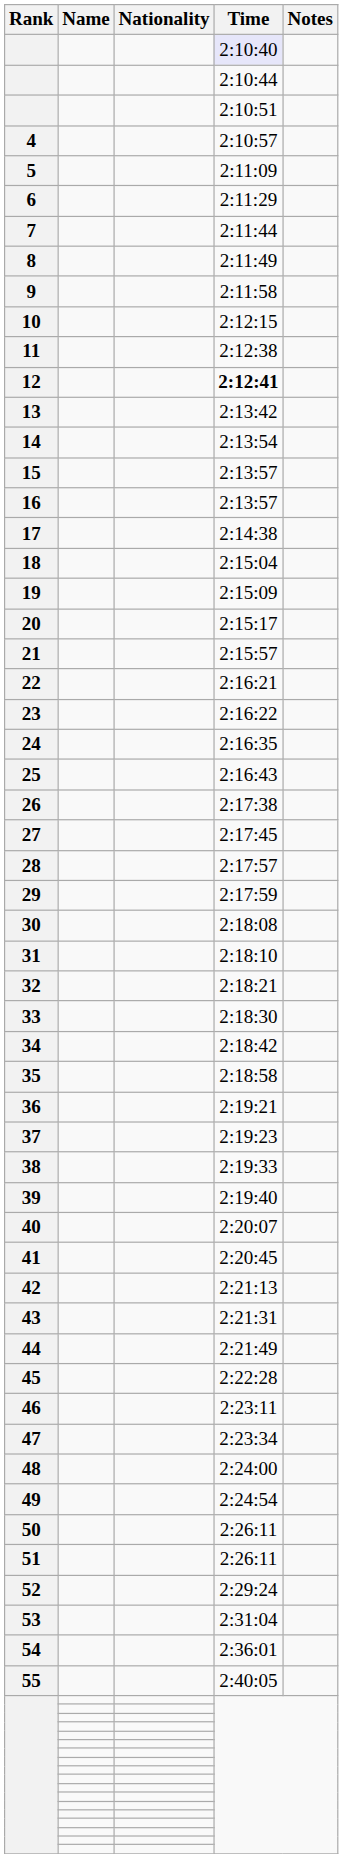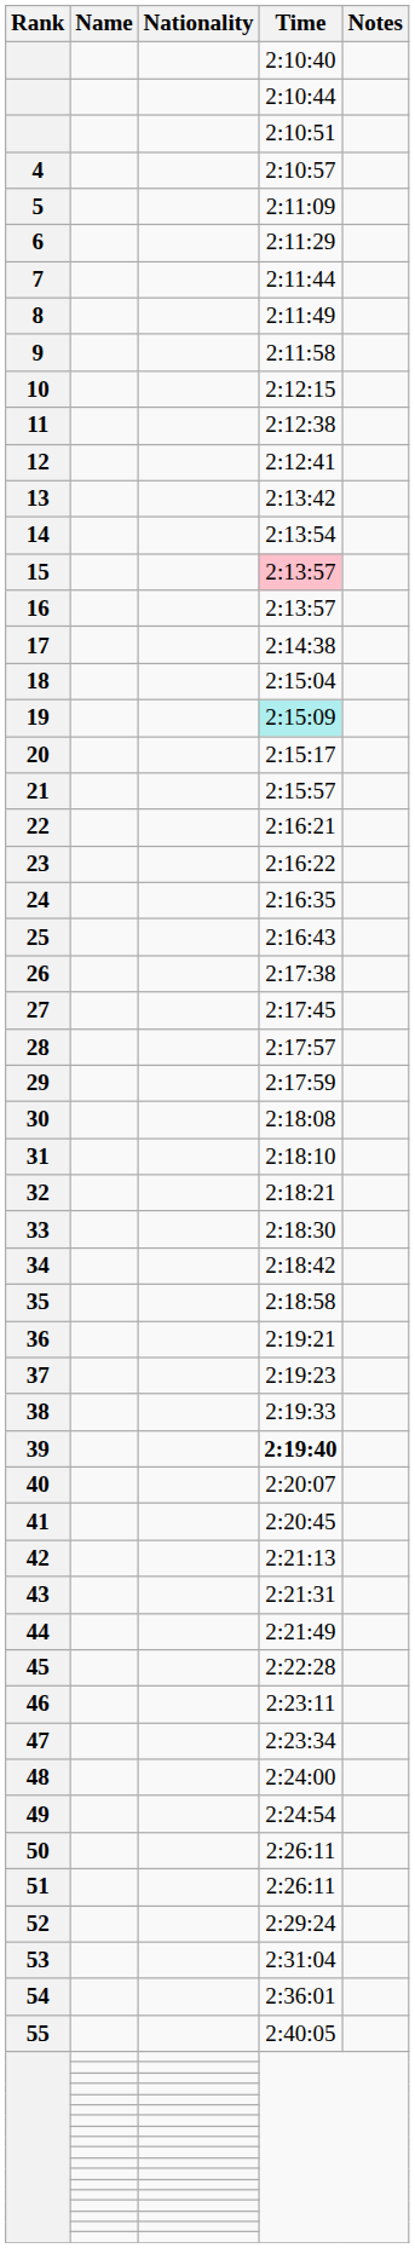 <table class="wikitable sortable" style="text-align:center">
 <tr>
 <th scope="col">Rank</th>
 <th scope="col">Name</th>
 <th scope="col">Nationality</th>
 <th scope="col">Time</th>
 <th scope="col">Notes</th>
 </tr>
 <tr>
 <th scope="row"></th>
 <td align="left"></td>
 <td align="left"></td>
-<td style="background: lavender;">2:10:40</td>
+<td>2:10:40</td>
 <td></td>
 </tr>
 <tr>
 <th scope="row"></th>
 <td align="left"></td>
 <td align="left"></td>
 <td>2:10:44</td>
 <td></td>
 </tr>
 <tr>
 <th scope="row"></th>
 <td align="left"></td>
 <td align="left"></td>
 <td>2:10:51</td>
 <td></td>
 </tr>
 <tr>
 <th scope="row">4</th>
 <td align="left"></td>
 <td align="left"></td>
 <td>2:10:57</td>
 <td></td>
 </tr>
 <tr>
 <th scope="row">5</th>
 <td align="left"></td>
 <td align="left"></td>
 <td>2:11:09</td>
 <td></td>
 </tr>
 <tr>
 <th scope="row">6</th>
 <td align="left"></td>
 <td align="left"></td>
 <td>2:11:29</td>
 <td></td>
 </tr>
 <tr>
 <th scope="row">7</th>
 <td align="left"></td>
 <td align="left"></td>
 <td>2:11:44</td>
 <td></td>
 </tr>
 <tr>
 <th scope="row">8</th>
 <td align="left"></td>
 <td align="left"></td>
 <td>2:11:49</td>
 <td></td>
 </tr>
 <tr>
 <th scope="row">9</th>
 <td align="left"></td>
 <td align="left"></td>
 <td>2:11:58</td>
 <td></td>
 </tr>
 <tr>
 <th scope="row">10</th>
 <td align="left"></td>
 <td align="left"></td>
 <td>2:12:15</td>
 <td></td>
 </tr>
 <tr>
 <th scope="row">11</th>
 <td align="left"></td>
 <td align="left"></td>
 <td>2:12:38</td>
 <td></td>
 </tr>
 <tr>
 <th scope="row">12</th>
 <td align="left"></td>
 <td align="left"></td>
-<td><strong>2:12:41</strong></td>
+<td>2:12:41</td>
 <td></td>
 </tr>
 <tr>
 <th scope="row">13</th>
 <td align="left"></td>
 <td align="left"></td>
 <td>2:13:42</td>
 <td></td>
 </tr>
 <tr>
 <th scope="row">14</th>
 <td align="left"></td>
 <td align="left"></td>
 <td>2:13:54</td>
 <td></td>
 </tr>
 <tr>
 <th scope="row">15</th>
 <td align="left"></td>
 <td align="left"></td>
-<td>2:13:57</td>
+<td style="background: pink;">2:13:57</td>
 <td></td>
 </tr>
 <tr>
 <th scope="row">16</th>
 <td align="left"></td>
 <td align="left"></td>
 <td>2:13:57</td>
 <td></td>
 </tr>
 <tr>
 <th scope="row">17</th>
 <td align="left"></td>
 <td align="left"></td>
 <td>2:14:38</td>
 <td></td>
 </tr>
 <tr>
 <th scope="row">18</th>
 <td align="left"></td>
 <td align="left"></td>
 <td>2:15:04</td>
 <td></td>
 </tr>
 <tr>
 <th scope="row">19</th>
 <td align="left"></td>
 <td align="left"></td>
-<td>2:15:09</td>
+<td style="background: paleturquoise;">2:15:09</td>
 <td></td>
 </tr>
 <tr>
 <th scope="row">20</th>
 <td align="left"></td>
 <td align="left"></td>
 <td>2:15:17</td>
 <td></td>
 </tr>
 <tr>
 <th scope="row">21</th>
 <td align="left"></td>
 <td align="left"></td>
 <td>2:15:57</td>
 <td></td>
 </tr>
 <tr>
 <th scope="row">22</th>
 <td align="left"></td>
 <td align="left"></td>
 <td>2:16:21</td>
 <td></td>
 </tr>
 <tr>
 <th scope="row">23</th>
 <td align="left"></td>
 <td align="left"></td>
 <td>2:16:22</td>
 <td></td>
 </tr>
 <tr>
 <th scope="row">24</th>
 <td align="left"></td>
 <td align="left"></td>
 <td>2:16:35</td>
 <td></td>
 </tr>
 <tr>
 <th scope="row">25</th>
 <td align="left"></td>
 <td align="left"></td>
 <td>2:16:43</td>
 <td></td>
 </tr>
 <tr>
 <th scope="row">26</th>
 <td align="left"></td>
 <td align="left"></td>
 <td>2:17:38</td>
 <td></td>
 </tr>
 <tr>
 <th scope="row">27</th>
 <td align="left"></td>
 <td align="left"></td>
 <td>2:17:45</td>
 <td></td>
 </tr>
 <tr>
 <th scope="row">28</th>
 <td align="left"></td>
 <td align="left"></td>
 <td>2:17:57</td>
 <td></td>
 </tr>
 <tr>
 <th scope="row">29</th>
 <td align="left"></td>
 <td align="left"></td>
 <td>2:17:59</td>
 <td></td>
 </tr>
 <tr>
 <th scope="row">30</th>
 <td align="left"></td>
 <td align="left"></td>
 <td>2:18:08</td>
 <td></td>
 </tr>
 <tr>
 <th scope="row">31</th>
 <td align="left"></td>
 <td align="left"></td>
 <td>2:18:10</td>
 <td></td>
 </tr>
 <tr>
 <th scope="row">32</th>
 <td align="left"></td>
 <td align="left"></td>
 <td>2:18:21</td>
 <td></td>
 </tr>
 <tr>
 <th scope="row">33</th>
 <td align="left"></td>
 <td align="left"></td>
 <td>2:18:30</td>
 <td></td>
 </tr>
 <tr>
 <th scope="row">34</th>
 <td align="left"></td>
 <td align="left"></td>
 <td>2:18:42</td>
 <td></td>
 </tr>
 <tr>
 <th scope="row">35</th>
 <td align="left"></td>
 <td align="left"></td>
 <td>2:18:58</td>
 <td></td>
 </tr>
 <tr>
 <th scope="row">36</th>
 <td align="left"></td>
 <td align="left"></td>
 <td>2:19:21</td>
 <td></td>
 </tr>
 <tr>
 <th scope="row">37</th>
 <td align="left"></td>
 <td align="left"></td>
 <td>2:19:23</td>
 <td></td>
 </tr>
 <tr>
 <th scope="row">38</th>
 <td align="left"></td>
 <td align="left"></td>
 <td>2:19:33</td>
 <td></td>
 </tr>
 <tr>
 <th scope="row">39</th>
 <td align="left"></td>
 <td align="left"></td>
-<td>2:19:40</td>
+<td><strong>2:19:40</strong></td>
 <td></td>
 </tr>
 <tr>
 <th scope="row">40</th>
 <td align="left"></td>
 <td align="left"></td>
 <td>2:20:07</td>
 <td></td>
 </tr>
 <tr>
 <th scope="row">41</th>
 <td align="left"></td>
 <td align="left"></td>
 <td>2:20:45</td>
 <td></td>
 </tr>
 <tr>
 <th scope="row">42</th>
 <td align="left"></td>
 <td align="left"></td>
 <td>2:21:13</td>
 <td></td>
 </tr>
 <tr>
 <th scope="row">43</th>
 <td align="left"></td>
 <td align="left"></td>
 <td>2:21:31</td>
 <td></td>
 </tr>
 <tr>
 <th scope="row">44</th>
 <td align="left"></td>
 <td align="left"></td>
 <td>2:21:49</td>
 <td></td>
 </tr>
 <tr>
 <th scope="row">45</th>
 <td align="left"></td>
 <td align="left"></td>
 <td>2:22:28</td>
 <td></td>
 </tr>
 <tr>
 <th scope="row">46</th>
 <td align="left"></td>
 <td align="left"></td>
 <td>2:23:11</td>
 <td></td>
 </tr>
 <tr>
 <th scope="row">47</th>
 <td align="left"></td>
 <td align="left"></td>
 <td>2:23:34</td>
 <td></td>
 </tr>
 <tr>
 <th scope="row">48</th>
 <td align="left"></td>
 <td align="left"></td>
 <td>2:24:00</td>
 <td></td>
 </tr>
 <tr>
 <th scope="row">49</th>
 <td align="left"></td>
 <td align="left"></td>
 <td>2:24:54</td>
 <td></td>
 </tr>
 <tr>
 <th scope="row">50</th>
 <td align="left"></td>
 <td align="left"></td>
 <td>2:26:11</td>
 <td></td>
 </tr>
 <tr>
 <th scope="row">51</th>
 <td align="left"></td>
 <td align="left"></td>
 <td>2:26:11</td>
 <td></td>
 </tr>
 <tr>
 <th scope="row">52</th>
 <td align="left"></td>
 <td align="left"></td>
 <td>2:29:24</td>
 <td></td>
 </tr>
 <tr>
 <th scope="row">53</th>
 <td align="left"></td>
 <td align="left"></td>
 <td>2:31:04</td>
 <td></td>
 </tr>
 <tr>
 <th scope="row">54</th>
 <td align="left"></td>
 <td align="left"></td>
 <td>2:36:01</td>
 <td></td>
 </tr>
 <tr>
 <th scope="row">55</th>
 <td align="left"></td>
 <td align="left"></td>
 <td>2:40:05</td>
 <td></td>
 </tr>
 <tr>
 <th scope="row" rowspan=18> </th>
 <td align="left"></td>
 <td align="left"></td>
 <td colspan=2 rowspan=18></td>
 </tr>
 <tr>
 <td align="left"></td>
 <td align="left"></td>
 </tr>
 <tr>
 <td align="left"></td>
 <td align="left"></td>
 </tr>
 <tr>
 <td align="left"></td>
 <td align="left"></td>
 </tr>
 <tr>
 <td align="left"></td>
 <td align="left"></td>
 </tr>
 <tr>
 <td align="left"></td>
 <td align="left"></td>
 </tr>
 <tr>
 <td align="left"></td>
 <td align="left"></td>
 </tr>
 <tr>
 <td align="left"></td>
 <td align="left"></td>
 </tr>
 <tr>
 <td align="left"></td>
 <td align="left"></td>
 </tr>
 <tr>
 <td align="left"></td>
 <td align="left"></td>
 </tr>
 <tr>
 <td align="left"></td>
 <td align="left"></td>
 </tr>
 <tr>
 <td align="left"></td>
 <td align="left"></td>
 </tr>
 <tr>
 <td align="left"></td>
 <td align="left"></td>
 </tr>
 <tr>
 <td align="left"></td>
 <td align="left"></td>
 </tr>
 <tr>
 <td align="left"></td>
 <td align="left"></td>
 </tr>
 <tr>
 <td align="left"></td>
 <td align="left"></td>
 </tr>
 <tr>
 <td align="left"></td>
 <td align="left"></td>
 </tr>
 <tr>
 <td align="left"></td>
 <td align="left"></td>
 </tr>
 </table>
